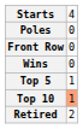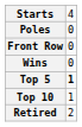 <table class="wikitable" style="text-align:center">
 <tr>
 <th>Starts</th>
 <td>4</td>
 </tr>
 <tr>
 <th>Poles</th>
 <td>0</td>
 </tr>
 <tr>
 <th>Front Row</th>
 <td>0</td>
 </tr>
 <tr>
 <th>Wins</th>
 <td>0</td>
 </tr>
 <tr>
 <th>Top 5</th>
-<td>1</td>
+<td><strong>1</strong></td>
 </tr>
 <tr>
 <th>Top 10</th>
-<td style="background: lightsalmon;">1</td>
+<td>1</td>
 </tr>
 <tr>
 <th>Retired</th>
 <td>2</td>
 </tr>
 </table>
